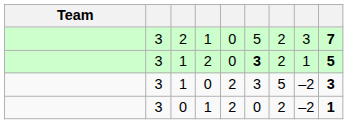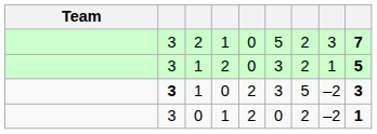 <table class="wikitable" style="text-align:center;">
 <tr>
 <th width=150>Team</th>
 <th width=20 abbr="Played"></th>
 <th width=20 abbr="Won"></th>
 <th width=20 abbr="Drawn"></th>
 <th width=20 abbr="Lost"></th>
 <th width=20 abbr="Goals for"></th>
 <th width=20 abbr="Goals against"></th>
 <th width=20 abbr="Goal difference"></th>
 <th width=20 abbr="Points"></th>
 </tr>
 <tr bgcolor="#ccffcc">
 <td align="left"></td>
 <td>3</td>
 <td>2</td>
 <td>1</td>
 <td>0</td>
 <td>5</td>
 <td>2</td>
 <td>3</td>
 <td><strong>7</strong></td>
 </tr>
 <tr bgcolor="#ccffcc">
 <td align="left"></td>
 <td>3</td>
 <td>1</td>
 <td>2</td>
 <td>0</td>
-<td><strong>3</strong></td>
+<td>3</td>
 <td>2</td>
 <td>1</td>
 <td><strong>5</strong></td>
 </tr>
 <tr>
 <td align="left"></td>
-<td>3</td>
+<td><strong>3</strong></td>
 <td>1</td>
 <td>0</td>
 <td>2</td>
 <td>3</td>
 <td>5</td>
 <td>–2</td>
 <td><strong>3</strong></td>
 </tr>
 <tr>
 <td align="left"></td>
 <td>3</td>
 <td>0</td>
 <td>1</td>
 <td>2</td>
 <td>0</td>
 <td>2</td>
 <td>–2</td>
 <td><strong>1</strong></td>
 </tr>
 </table>
